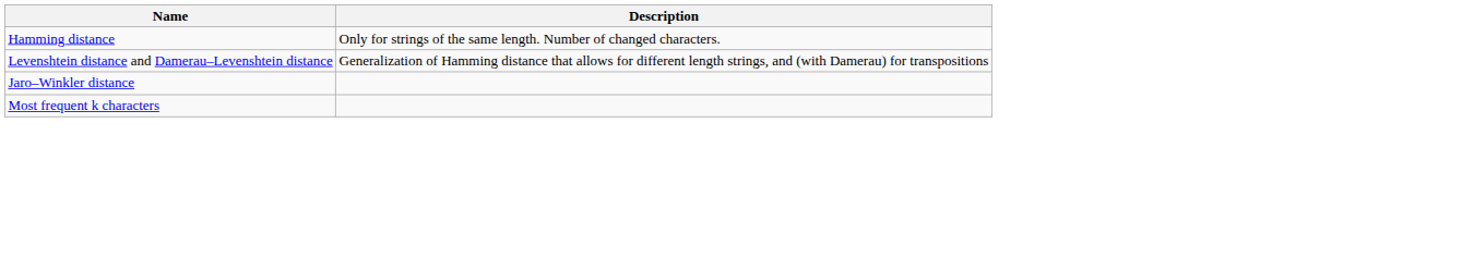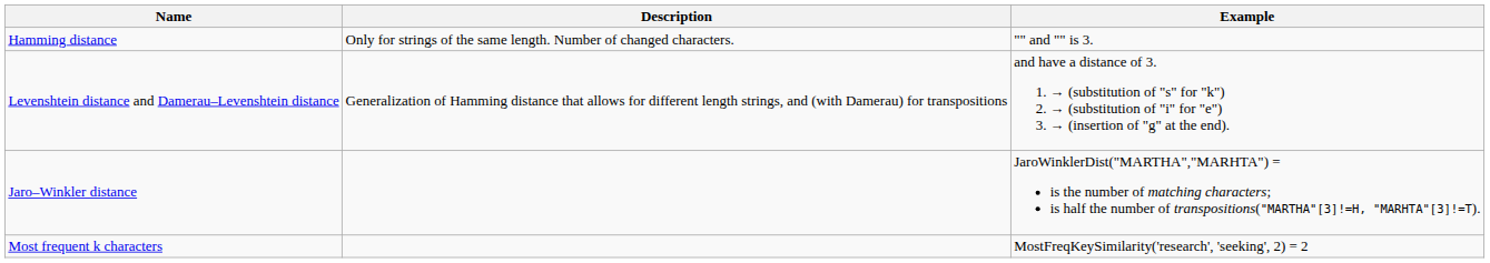 <table class="wikitable">
 <tr>
 <th>Name</th>
 <th>Description</th>
+<th>Example</th>
 </tr>
 <tr>
 <td><a href='#'>Hamming distance</a></td>
 <td>Only for strings of the same length. Number of changed characters.</td>
+<td>"<strong></strong>" and "<strong></strong>" is 3.</td>
 </tr>
 <tr>
 <td><a href='#'>Levenshtein distance</a> and <a href='#'>Damerau–Levenshtein distance</a></td>
 <td>Generalization of Hamming distance that allows for different length strings, and (with Damerau) for transpositions</td>
+<td> and  have a distance of 3.<br><ol><li> →  (substitution of "s" for "k")</li><li> →  (substitution of "i" for "e")</li><li> →  (insertion of "g" at the end).</li></ol></td>
 </tr>
 <tr>
 <td><a href='#'>Jaro–Winkler distance</a></td>
 <td></td>
+<td>JaroWinklerDist("MARTHA","MARHTA") =<br><ul><li> is the number of <em>matching characters</em>;</li><li> is half the number of <em>transpositions</em>(<code>"MARTHA"[3]!=H, "MARHTA"[3]!=T</code>).</li></ul> </td>
 </tr>
 <tr>
 <td><a href='#'>Most frequent k characters</a></td>
 <td></td>
+<td>MostFreqKeySimilarity('<span>r</span><span>e</span>s<span>e</span>a<span>r</span>ch', 's<span>ee</span>king', 2) = 2<br>         </td>
 </tr>
 </table>
